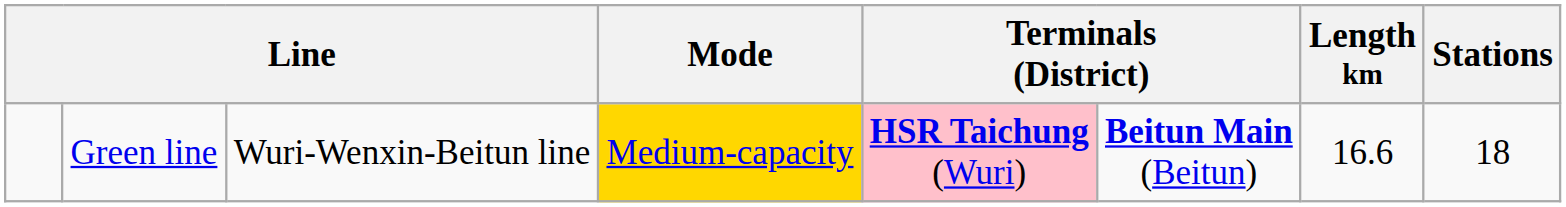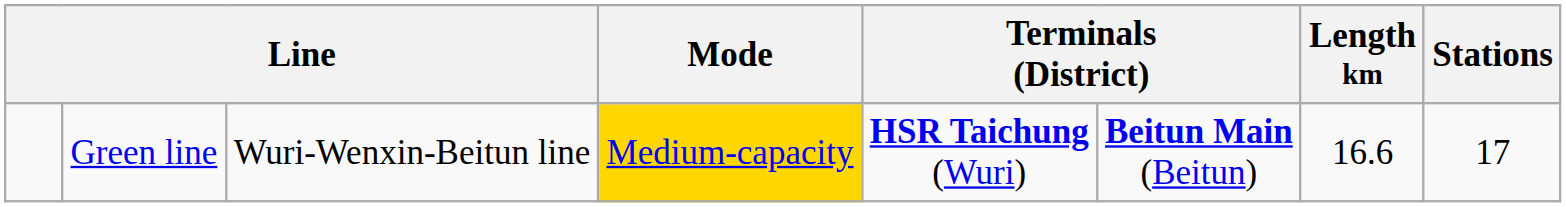 <table class="wikitable sortable" style="cell-padding:1.5; font-size:96%; text-align:center;">
 <tr>
 <th colspan="3">Line</th>
 <th>Mode</th>
 <th colspan="2" class="unsortable">Terminals<br>(District)</th>
 <th style="line-height:1.05">Length<br><small>km</small></th>
 <th>Stations</th>
 </tr>
 <tr>
 <td width="18" style="background-color:#"></td>
 <td> <a href='#'>Green line</a></td>
 <td>Wuri-Wenxin-Beitun line</td>
 <td style="background: gold;"><a href='#'>Medium-capacity</a></td>
-<td style="background: pink;"><strong><a href='#'>HSR Taichung</a></strong><br>(<a href='#'>Wuri</a>)</td>
+<td><strong><a href='#'>HSR Taichung</a></strong><br>(<a href='#'>Wuri</a>)</td>
 <td><a href='#'><strong>Beitun Main</strong></a><br>(<a href='#'>Beitun</a>)</td>
 <td>16.6</td>
-<td>18</td>
+<td>17</td>
 </tr>
 </table>
